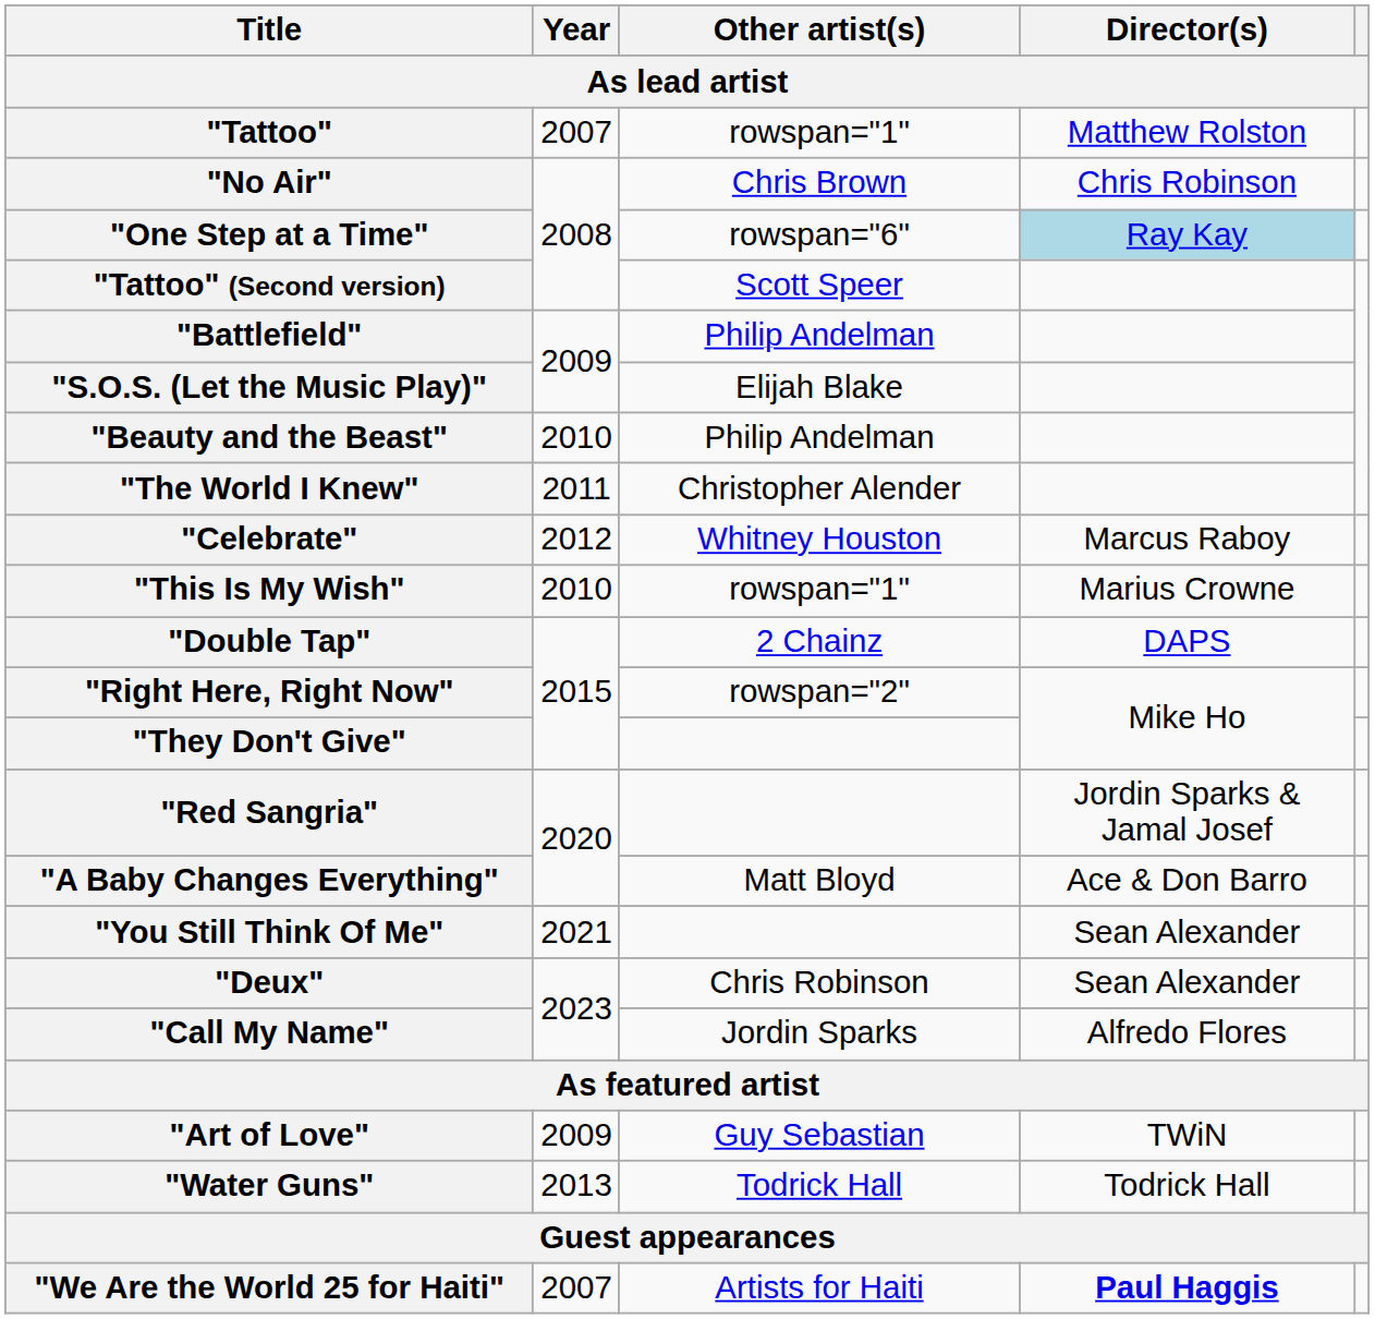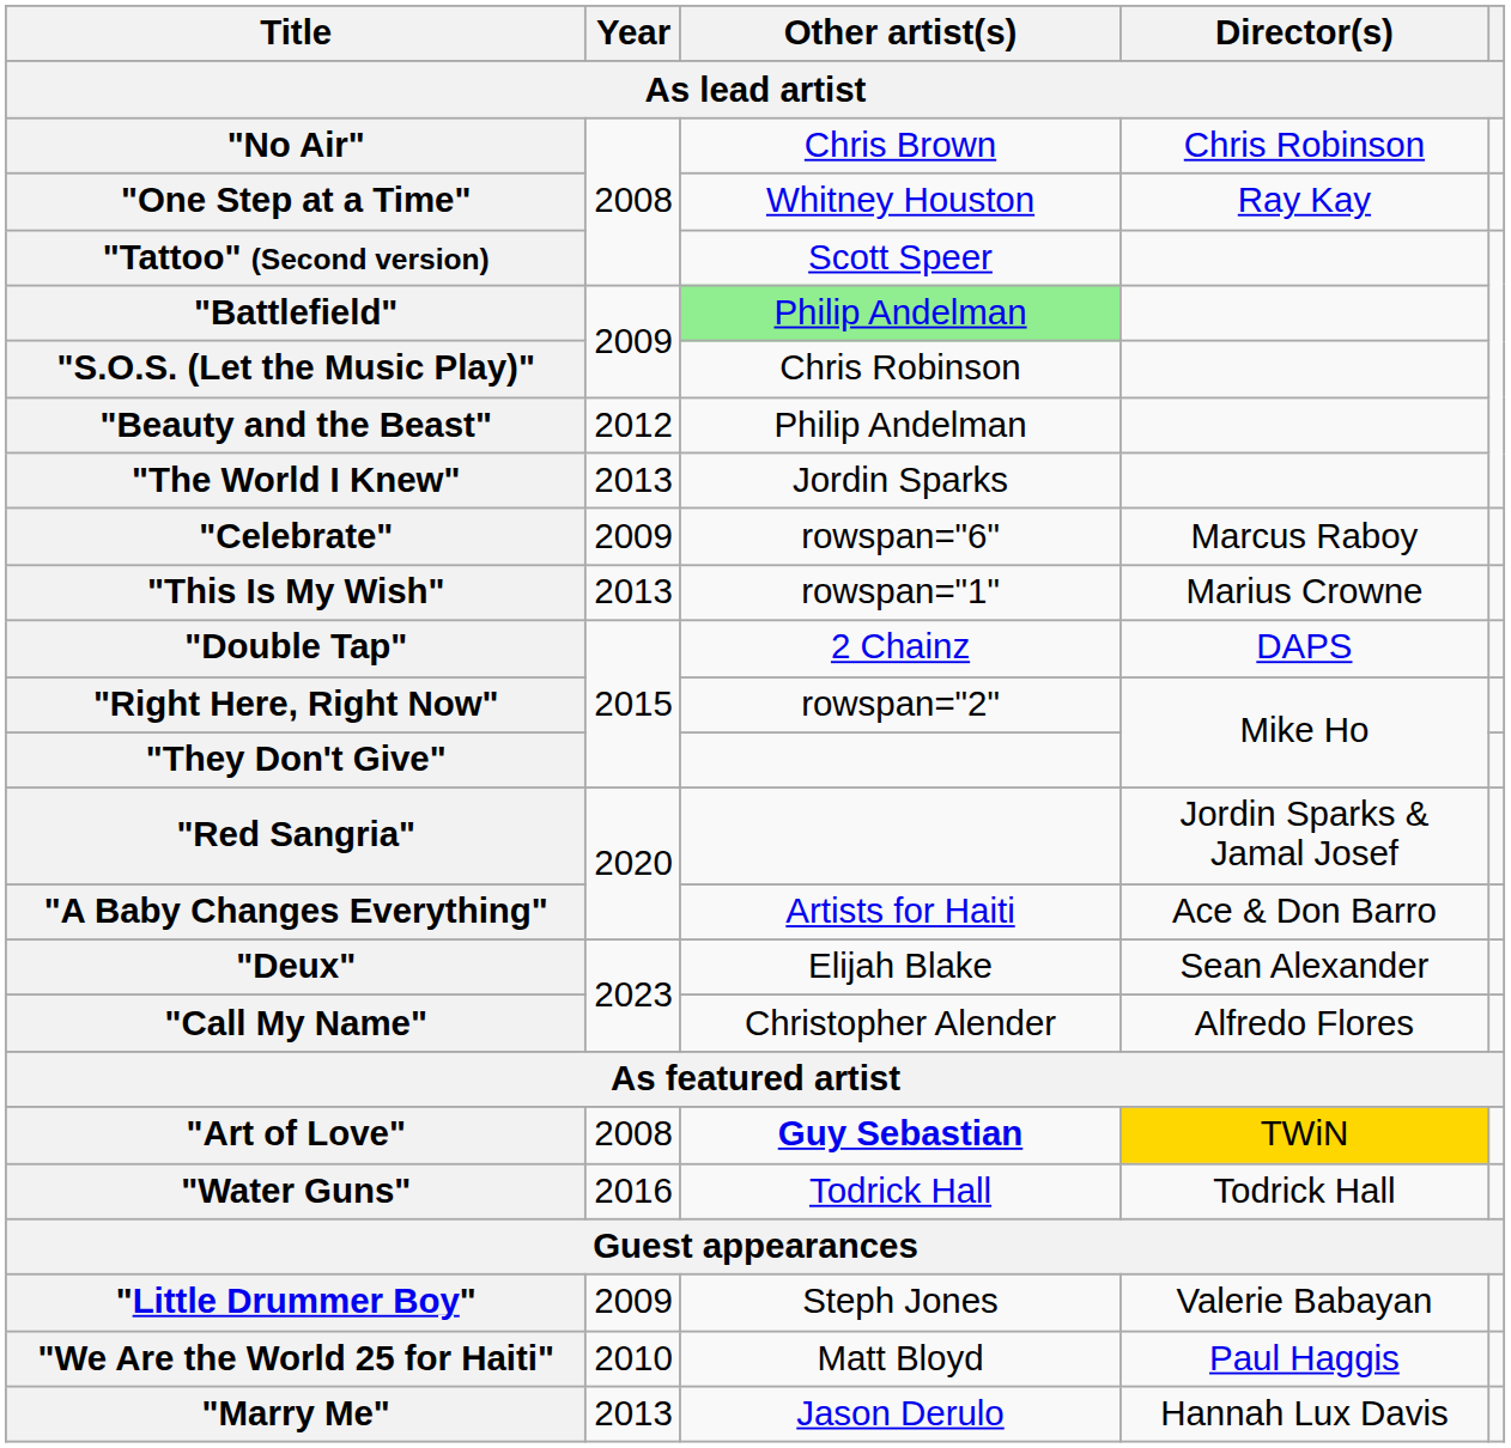 <table class="wikitable plainrowheaders" style="text-align:center;">
 <tr>
 <th scope="col" style="width:16em;">Title</th>
 <th scope="col">Year</th>
 <th scope="col" style="width:12em;">Other artist(s)</th>
 <th scope="col" style="width:10em;">Director(s)</th>
 <th scope="col"></th>
 </tr>
 <tr>
 <th scope="col" colspan="5">As lead artist</th>
 </tr>
 <tr>
-<th scope="row">"Tattoo"</th>
-<td>2007</td>
-<td>rowspan="1" </td>
-<td><a href='#'>Matthew Rolston</a></td>
-<td></td>
-</tr>
-<tr>
 <th scope="row">"No Air"</th>
 <td rowspan="3">2008</td>
 <td><a href='#'>Chris Brown</a></td>
 <td><a href='#'>Chris Robinson</a></td>
 <td></td>
 </tr>
 <tr>
 <th scope="row">"One Step at a Time"</th>
-<td>rowspan="6" </td>
-<td style="background: lightblue;"><a href='#'>Ray Kay</a></td>
+<td><a href='#'>Whitney Houston</a></td>
+<td><a href='#'>Ray Kay</a></td>
 <td></td>
 </tr>
 <tr>
 <th scope="row">"Tattoo" <small>(Second version)</small></th>
 <td><a href='#'>Scott Speer</a></td>
 <td></td>
 </tr>
 <tr>
 <th scope="row">"Battlefield"</th>
 <td rowspan="2">2009</td>
-<td><a href='#'>Philip Andelman</a></td>
+<td style="background: lightgreen;"><a href='#'>Philip Andelman</a></td>
 <td></td>
 </tr>
 <tr>
 <th scope="row">"S.O.S. (Let the Music Play)"</th>
-<td>Elijah Blake</td>
+<td>Chris Robinson</td>
 <td></td>
 </tr>
 <tr>
 <th scope="row">"Beauty and the Beast"</th>
-<td>2010</td>
+<td>2012</td>
 <td>Philip Andelman</td>
 <td></td>
 </tr>
 <tr>
 <th scope="row">"The World I Knew"</th>
-<td>2011</td>
-<td>Christopher Alender</td>
+<td>2013</td>
+<td>Jordin Sparks</td>
 <td></td>
 </tr>
 <tr>
 <th scope="row">"Celebrate"</th>
-<td>2012</td>
-<td><a href='#'>Whitney Houston</a></td>
+<td>2009</td>
+<td>rowspan="6" </td>
 <td>Marcus Raboy</td>
 <td></td>
 </tr>
 <tr>
 <th scope="row">"This Is My Wish"</th>
-<td>2010</td>
+<td>2013</td>
 <td>rowspan="1" </td>
 <td>Marius Crowne</td>
 <td></td>
 </tr>
 <tr>
 <th scope="row">"Double Tap"</th>
 <td rowspan="3">2015</td>
 <td><a href='#'>2 Chainz</a></td>
 <td><a href='#'>DAPS</a></td>
 <td></td>
 </tr>
 <tr>
 <th scope="row">"Right Here, Right Now"</th>
 <td>rowspan="2" </td>
 <td rowspan="2">Mike Ho</td>
 <td></td>
 </tr>
 <tr>
 <th scope="row">"They Don't Give"</th>
 <td></td>
 </tr>
 <tr>
 <th scope="row">"Red Sangria"</th>
 <td rowspan="2">2020</td>
 <td></td>
 <td>Jordin Sparks & Jamal Josef</td>
 <td></td>
 </tr>
 <tr>
 <th scope="row">"A Baby Changes Everything"</th>
-<td>Matt Bloyd</td>
+<td><a href='#'>Artists for Haiti</a></td>
 <td>Ace & Don Barro</td>
-<td></td>
-</tr>
-<tr>
-<th scope="row">"You Still Think Of Me"</th>
-<td>2021</td>
-<td></td>
-<td>Sean Alexander</td>
 <td></td>
 </tr>
 <tr>
 <th scope="row">"Deux"</th>
 <td rowspan="2">2023</td>
-<td>Chris Robinson</td>
+<td>Elijah Blake</td>
 <td>Sean Alexander</td>
 <td></td>
 </tr>
 <tr>
 <th>"Call My Name"</th>
-<td>Jordin Sparks</td>
+<td>Christopher Alender</td>
 <td>Alfredo Flores</td>
 <td></td>
 </tr>
 <tr>
 <th scope="col" colspan="5">As featured artist</th>
 </tr>
 <tr>
 <th scope="row">"Art of Love"</th>
-<td>2009</td>
-<td><a href='#'>Guy Sebastian</a></td>
-<td>TWiN</td>
+<td>2008</td>
+<td><strong><a href='#'>Guy Sebastian</a></strong></td>
+<td style="background: gold;">TWiN</td>
 <td></td>
 </tr>
 <tr>
 <th scope="row">"Water Guns"</th>
-<td rowspan="1">2013</td>
+<td rowspan="1">2016</td>
 <td><a href='#'>Todrick Hall</a></td>
 <td>Todrick Hall</td>
 <td></td>
 </tr>
 <tr>
 <th scope="col" colspan="5">Guest appearances</th>
 </tr>
 <tr>
+<th scope="row">"<a href='#'>Little Drummer Boy</a>"</th>
+<td>2009</td>
+<td>Steph Jones</td>
+<td>Valerie Babayan</td>
+<td></td>
+</tr>
+<tr>
 <th scope="row">"We Are the World 25 for Haiti"</th>
-<td rowspan="1">2007</td>
-<td><a href='#'>Artists for Haiti</a></td>
-<td><strong><a href='#'>Paul Haggis</a></strong></td>
+<td rowspan="1">2010</td>
+<td>Matt Bloyd</td>
+<td><a href='#'>Paul Haggis</a></td>
+<td></td>
+</tr>
+<tr>
+<th scope="row">"Marry Me"</th>
+<td rowspan="1">2013</td>
+<td><a href='#'>Jason Derulo</a></td>
+<td>Hannah Lux Davis</td>
 <td></td>
 </tr>
 </table>
